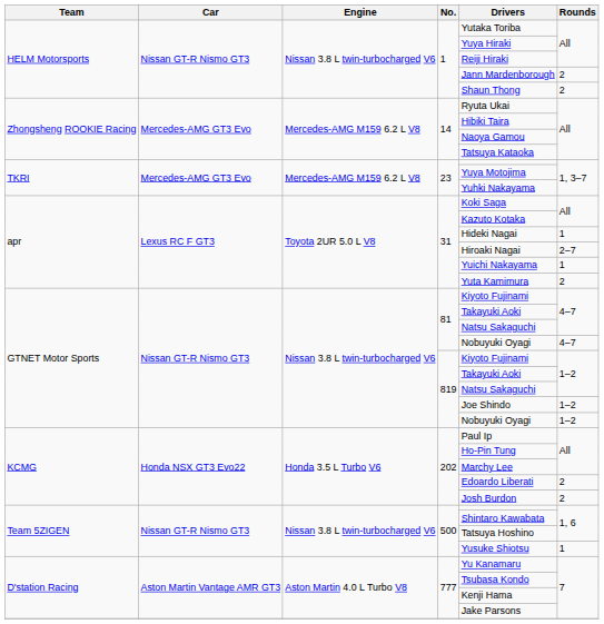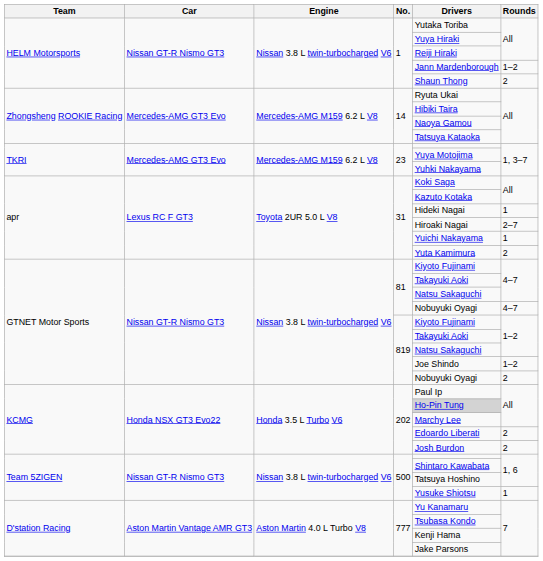 <table class="wikitable" style="font-size: 85%">
 <tr>
 <th>Team</th>
 <th>Car</th>
 <th>Engine</th>
 <th>No.</th>
 <th>Drivers</th>
 <th>Rounds</th>
 </tr>
 <tr>
 <td rowspan=5> <a href='#'>HELM Motorsports</a></td>
 <td rowspan=5><a href='#'>Nissan GT-R Nismo GT3</a></td>
 <td rowspan=5><a href='#'>Nissan</a> 3.8 L <a href='#'>twin-turbocharged</a> <a href='#'>V6</a></td>
 <td rowspan=5>1</td>
 <td> Yutaka Toriba</td>
 <td rowspan=3>All</td>
 </tr>
 <tr>
 <td> <a href='#'>Yuya Hiraki</a></td>
 </tr>
 <tr>
 <td> <a href='#'>Reiji Hiraki</a></td>
 </tr>
 <tr>
 <td> <a href='#'>Jann Mardenborough</a></td>
-<td>2</td>
+<td>1–2</td>
 </tr>
 <tr>
 <td> <a href='#'>Shaun Thong</a></td>
 <td>2</td>
 </tr>
 <tr>
 <td rowspan=4> <a href='#'>Zhongsheng</a> <a href='#'>ROOKIE Racing</a></td>
 <td rowspan=4><a href='#'>Mercedes-AMG GT3 Evo</a></td>
 <td rowspan=4><a href='#'>Mercedes-AMG M159</a> 6.2 L <a href='#'>V8</a></td>
 <td rowspan=4>14</td>
 <td> Ryuta Ukai</td>
 <td rowspan=4>All</td>
 </tr>
 <tr>
 <td> <a href='#'>Hibiki Taira</a></td>
 </tr>
 <tr>
 <td> <a href='#'>Naoya Gamou</a></td>
 </tr>
 <tr>
 <td> <a href='#'>Tatsuya Kataoka</a></td>
 </tr>
 <tr>
 <td rowspan=3> <a href='#'>TKRI</a></td>
 <td rowspan=3><a href='#'>Mercedes-AMG GT3 Evo</a></td>
 <td rowspan=3><a href='#'>Mercedes-AMG M159</a> 6.2 L <a href='#'>V8</a></td>
 <td rowspan=3>23</td>
 <td> </td>
 <td rowspan=3>1, 3–7</td>
 </tr>
 <tr>
 <td> <a href='#'>Yuya Motojima</a></td>
 </tr>
 <tr>
 <td> <a href='#'>Yuhki Nakayama</a></td>
 </tr>
 <tr>
 <td rowspan=6> apr</td>
 <td rowspan=6><a href='#'>Lexus RC F GT3</a></td>
 <td rowspan=6><a href='#'>Toyota</a> 2UR 5.0 L <a href='#'>V8</a></td>
 <td rowspan=6>31</td>
 <td> <a href='#'>Koki Saga</a></td>
 <td rowspan=2>All</td>
 </tr>
 <tr>
 <td> <a href='#'>Kazuto Kotaka</a></td>
 </tr>
 <tr>
 <td> Hideki Nagai</td>
 <td>1</td>
 </tr>
 <tr>
 <td> Hiroaki Nagai</td>
 <td>2–7</td>
 </tr>
 <tr>
 <td> <a href='#'>Yuichi Nakayama</a></td>
 <td>1</td>
 </tr>
 <tr>
 <td> <a href='#'>Yuta Kamimura</a></td>
 <td>2</td>
 </tr>
 <tr>
 <td rowspan=9> GTNET Motor Sports</td>
 <td rowspan=9><a href='#'>Nissan GT-R Nismo GT3</a></td>
 <td rowspan=9><a href='#'>Nissan</a> 3.8 L <a href='#'>twin-turbocharged</a> <a href='#'>V6</a></td>
 <td rowspan=4>81</td>
 <td> <a href='#'>Kiyoto Fujinami</a></td>
 <td rowspan=3>4–7</td>
 </tr>
 <tr>
 <td> <a href='#'>Takayuki Aoki</a></td>
 </tr>
 <tr>
 <td> <a href='#'>Natsu Sakaguchi</a></td>
 </tr>
 <tr>
 <td> Nobuyuki Oyagi</td>
 <td>4–7</td>
 </tr>
 <tr>
 <td rowspan=5>819</td>
 <td> <a href='#'>Kiyoto Fujinami</a></td>
 <td rowspan=3>1–2</td>
 </tr>
 <tr>
 <td> <a href='#'>Takayuki Aoki</a></td>
 </tr>
 <tr>
 <td> <a href='#'>Natsu Sakaguchi</a></td>
 </tr>
 <tr>
 <td> Joe Shindo</td>
 <td>1–2</td>
 </tr>
 <tr>
 <td> Nobuyuki Oyagi</td>
-<td>1–2</td>
+<td>2</td>
 </tr>
 <tr>
 <td rowspan=5> <a href='#'>KCMG</a></td>
 <td rowspan=5><a href='#'>Honda NSX GT3 Evo22</a></td>
 <td rowspan=5><a href='#'>Honda</a> 3.5 L <a href='#'>Turbo</a> <a href='#'>V6</a></td>
 <td rowspan=5>202</td>
 <td> Paul Ip</td>
 <td rowspan=3>All</td>
 </tr>
 <tr>
-<td> <a href='#'>Ho-Pin Tung</a></td>
+<td style="background: lightgrey;"> <a href='#'>Ho-Pin Tung</a></td>
 </tr>
 <tr>
 <td> <a href='#'>Marchy Lee</a></td>
 </tr>
 <tr>
 <td> <a href='#'>Edoardo Liberati</a></td>
 <td>2</td>
 </tr>
 <tr>
 <td> <a href='#'>Josh Burdon</a></td>
 <td>2</td>
 </tr>
 <tr>
 <td rowspan=4> <a href='#'>Team 5ZIGEN</a></td>
 <td rowspan=4><a href='#'>Nissan GT-R Nismo GT3</a></td>
 <td rowspan=4><a href='#'>Nissan</a> 3.8 L <a href='#'>twin-turbocharged</a> <a href='#'>V6</a></td>
 <td rowspan=4>500</td>
 <td> </td>
 <td rowspan=3>1, 6</td>
 </tr>
 <tr>
 <td> <a href='#'>Shintaro Kawabata</a></td>
 </tr>
 <tr>
 <td> Tatsuya Hoshino</td>
 </tr>
 <tr>
 <td> <a href='#'>Yusuke Shiotsu</a></td>
 <td>1</td>
 </tr>
 <tr>
 <td rowspan=4> <a href='#'>D'station Racing</a></td>
 <td rowspan=4><a href='#'>Aston Martin Vantage AMR GT3</a></td>
 <td rowspan=4><a href='#'>Aston Martin</a> 4.0 L Turbo <a href='#'>V8</a></td>
 <td rowspan=4>777</td>
 <td> <a href='#'>Yu Kanamaru</a></td>
 <td rowspan=4>7</td>
 </tr>
 <tr>
 <td> <a href='#'>Tsubasa Kondo</a></td>
 </tr>
 <tr>
 <td> Kenji Hama</td>
 </tr>
 <tr>
 <td> Jake Parsons</td>
 </tr>
 <tr>
 </tr>
 </table>
